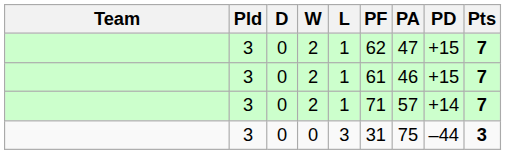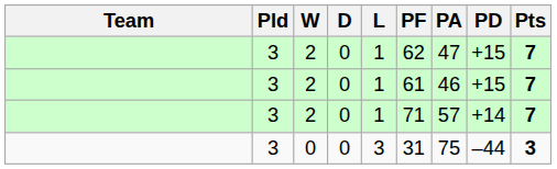 <table class="wikitable" style="text-align:center;">
 <tr>
 <th width=190>Team</th>
 <th width=20 abbr="Played">Pld</th>
+<th width=20 abbr="Won">W</th>
 <th width=20 abbr="Drawn">D</th>
-<th width=20 abbr="Won">W</th>
 <th width=20 abbr="Lost">L</th>
 <th width=20 abbr="Points for">PF</th>
 <th width=20 abbr="Points against">PA</th>
 <th width=25 abbr="Points difference">PD</th>
 <th width=20 abbr="Points">Pts</th>
 </tr>
 <tr style="background:#ccffcc">
 <td align=left></td>
 <td>3</td>
+<td>2</td>
 <td>0</td>
-<td>2</td>
 <td>1</td>
 <td>62</td>
 <td>47</td>
 <td>+15</td>
 <td><strong>7</strong></td>
 </tr>
 <tr style="background:#ccffcc">
 <td align=left></td>
 <td>3</td>
+<td>2</td>
 <td>0</td>
-<td>2</td>
 <td>1</td>
 <td>61</td>
 <td>46</td>
 <td>+15</td>
 <td><strong>7</strong></td>
 </tr>
 <tr style="background:#ccffcc">
 <td align=left></td>
 <td>3</td>
+<td>2</td>
 <td>0</td>
-<td>2</td>
 <td>1</td>
 <td>71</td>
 <td>57</td>
 <td>+14</td>
 <td><strong>7</strong></td>
 </tr>
 <tr>
 <td align=left></td>
 <td>3</td>
 <td>0</td>
 <td>0</td>
 <td>3</td>
 <td>31</td>
 <td>75</td>
 <td>–44</td>
 <td><strong>3</strong></td>
 </tr>
 </table>
